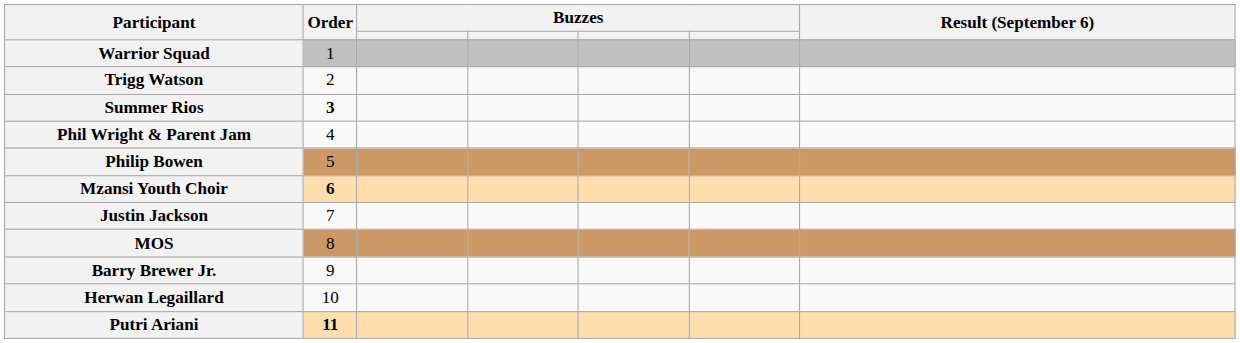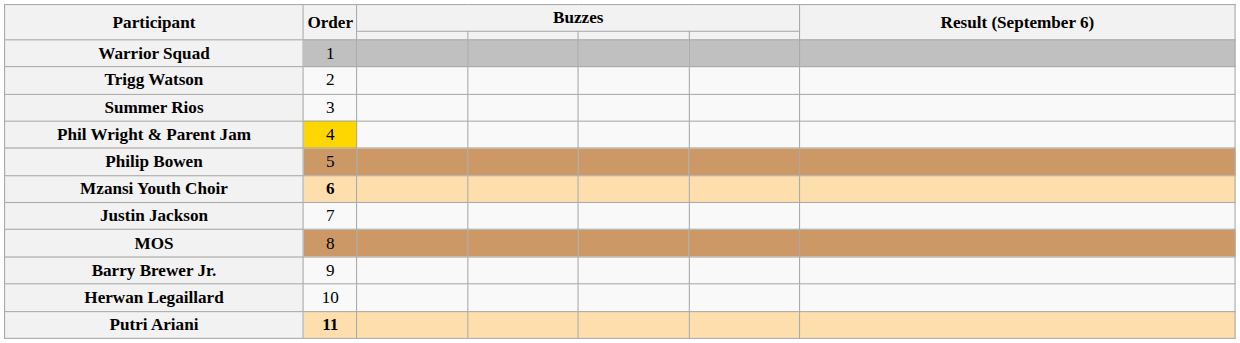 <table class="wikitable plainrowheaders sortable" style="text-align:center;">
 <tr>
 <th scope="col" rowspan="2" class="unsortable" style="width:17em;">Participant</th>
 <th scope="col" rowspan="2" style="width:1em;">Order</th>
 <th scope="col" colspan="4" class="unsortable" style="width:24em;">Buzzes</th>
 <th scope="col" rowspan="2" style="width:25em;">Result (September 6)</th>
 </tr>
 <tr>
 <th scope="col" class="unsortable" style="width:6em;"></th>
 <th scope="col" class="unsortable" style="width:6em;"></th>
 <th scope="col" class="unsortable" style="width:6em;"></th>
 <th scope="col" class="unsortable" style="width:6em;"></th>
 </tr>
 <tr bgcolor=silver>
 <th scope="row">Warrior Squad</th>
 <td>1</td>
 <td style="text-align:center;"></td>
 <td style="text-align:center;"></td>
 <td style="text-align:center;"></td>
 <td style="text-align:center;"></td>
 <td></td>
 </tr>
 <tr>
 <th scope="row">Trigg Watson</th>
 <td>2</td>
 <td style="text-align:center;"></td>
 <td style="text-align:center;"></td>
 <td style="text-align:center;"></td>
 <td style="text-align:center;"></td>
 <td></td>
 </tr>
 <tr>
 <th scope="row">Summer Rios</th>
-<td><strong>3</strong></td>
+<td>3</td>
 <td style="text-align:center;"></td>
 <td style="text-align:center;"></td>
 <td style="text-align:center;"></td>
 <td style="text-align:center;"></td>
 <td></td>
 </tr>
 <tr>
 <th scope="row">Phil Wright & Parent Jam</th>
-<td>4</td>
+<td style="background: gold;">4</td>
 <td style="text-align:center;"></td>
 <td style="text-align:center;"></td>
 <td style="text-align:center;"></td>
 <td style="text-align:center;"></td>
 <td></td>
 </tr>
 <tr bgcolor=#c96>
 <th scope="row">Philip Bowen</th>
 <td>5</td>
 <td style="text-align:center;"></td>
 <td style="text-align:center;"></td>
 <td style="text-align:center;"></td>
 <td style="text-align:center;"></td>
 <td></td>
 </tr>
 <tr bgcolor=navajowhite>
 <th scope="row"><strong>Mzansi Youth Choir</strong></th>
 <td><strong>6</strong></td>
 <td style="text-align:center;"></td>
 <td style="text-align:center;"></td>
 <td style="text-align:center;"></td>
 <td style="text-align:center;"></td>
 <td><strong></strong></td>
 </tr>
 <tr>
 <th scope="row">Justin Jackson</th>
 <td>7</td>
 <td style="text-align:center;"></td>
 <td style="text-align:center;"></td>
 <td style="text-align:center;"></td>
 <td style="text-align:center;"></td>
 <td></td>
 </tr>
 <tr bgcolor=#c96>
 <th scope="row">MOS</th>
 <td>8</td>
 <td style="text-align:center;"></td>
 <td style="text-align:center;"></td>
 <td style="text-align:center;"></td>
 <td style="text-align:center;"></td>
 <td></td>
 </tr>
 <tr>
 <th scope="row">Barry Brewer Jr.</th>
 <td>9</td>
 <td style="text-align:center;"></td>
 <td style="text-align:center;"></td>
 <td style="text-align:center;"></td>
 <td style="text-align:center;"></td>
 <td></td>
 </tr>
 <tr>
 <th scope="row">Herwan Legaillard</th>
 <td>10</td>
 <td style="text-align:center;"></td>
 <td style="text-align:center;"></td>
 <td style="text-align:center;"></td>
 <td style="text-align:center;"></td>
 <td></td>
 </tr>
 <tr bgcolor=navajowhite>
 <th scope="row"><strong>Putri Ariani</strong></th>
 <td><strong>11</strong></td>
 <td style="text-align:center;"></td>
 <td style="text-align:center;"></td>
 <td style="text-align:center;"></td>
 <td style="text-align:center;"></td>
 <td><strong></strong></td>
 </tr>
 </table>
